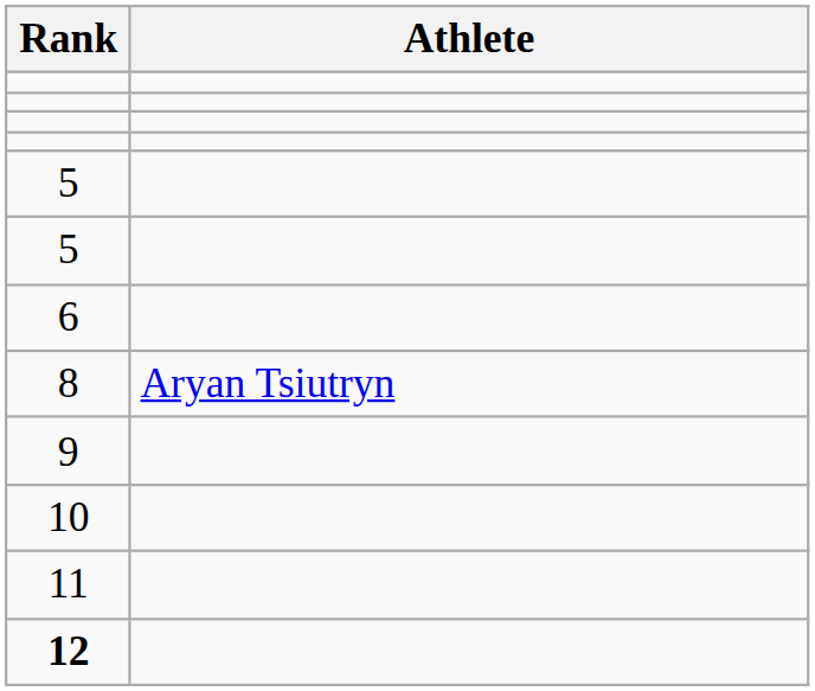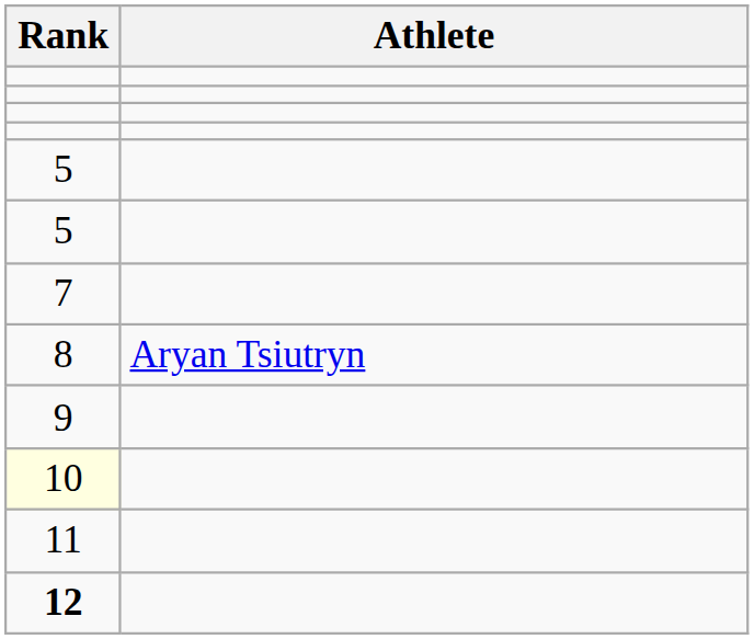 <table class="wikitable" style="text-align: center;">
 <tr>
 <th width=40>Rank</th>
 <th width=250>Athlete</th>
 </tr>
 <tr>
 <td></td>
 <td align="left"></td>
 </tr>
 <tr>
 <td></td>
 <td align="left"></td>
 </tr>
 <tr>
 <td></td>
 <td align="left"></td>
 </tr>
 <tr>
 <td></td>
 <td align="left"></td>
 </tr>
 <tr>
 <td>5</td>
 <td align="left"></td>
 </tr>
 <tr>
 <td>5</td>
 <td align="left"></td>
 </tr>
 <tr>
-<td>6</td>
+<td>7</td>
 <td align="left"></td>
 </tr>
 <tr>
 <td>8</td>
 <td align="left"> <a href='#'>Aryan Tsiutryn</a> </td>
 </tr>
 <tr>
 <td>9</td>
 <td align="left"></td>
 </tr>
 <tr>
-<td>10</td>
+<td style="background: lightyellow;">10</td>
 <td align="left"></td>
 </tr>
 <tr>
 <td>11</td>
 <td align="left"></td>
 </tr>
 <tr>
 <td><strong>12</strong></td>
 <td align="left"></td>
 </tr>
 </table>
